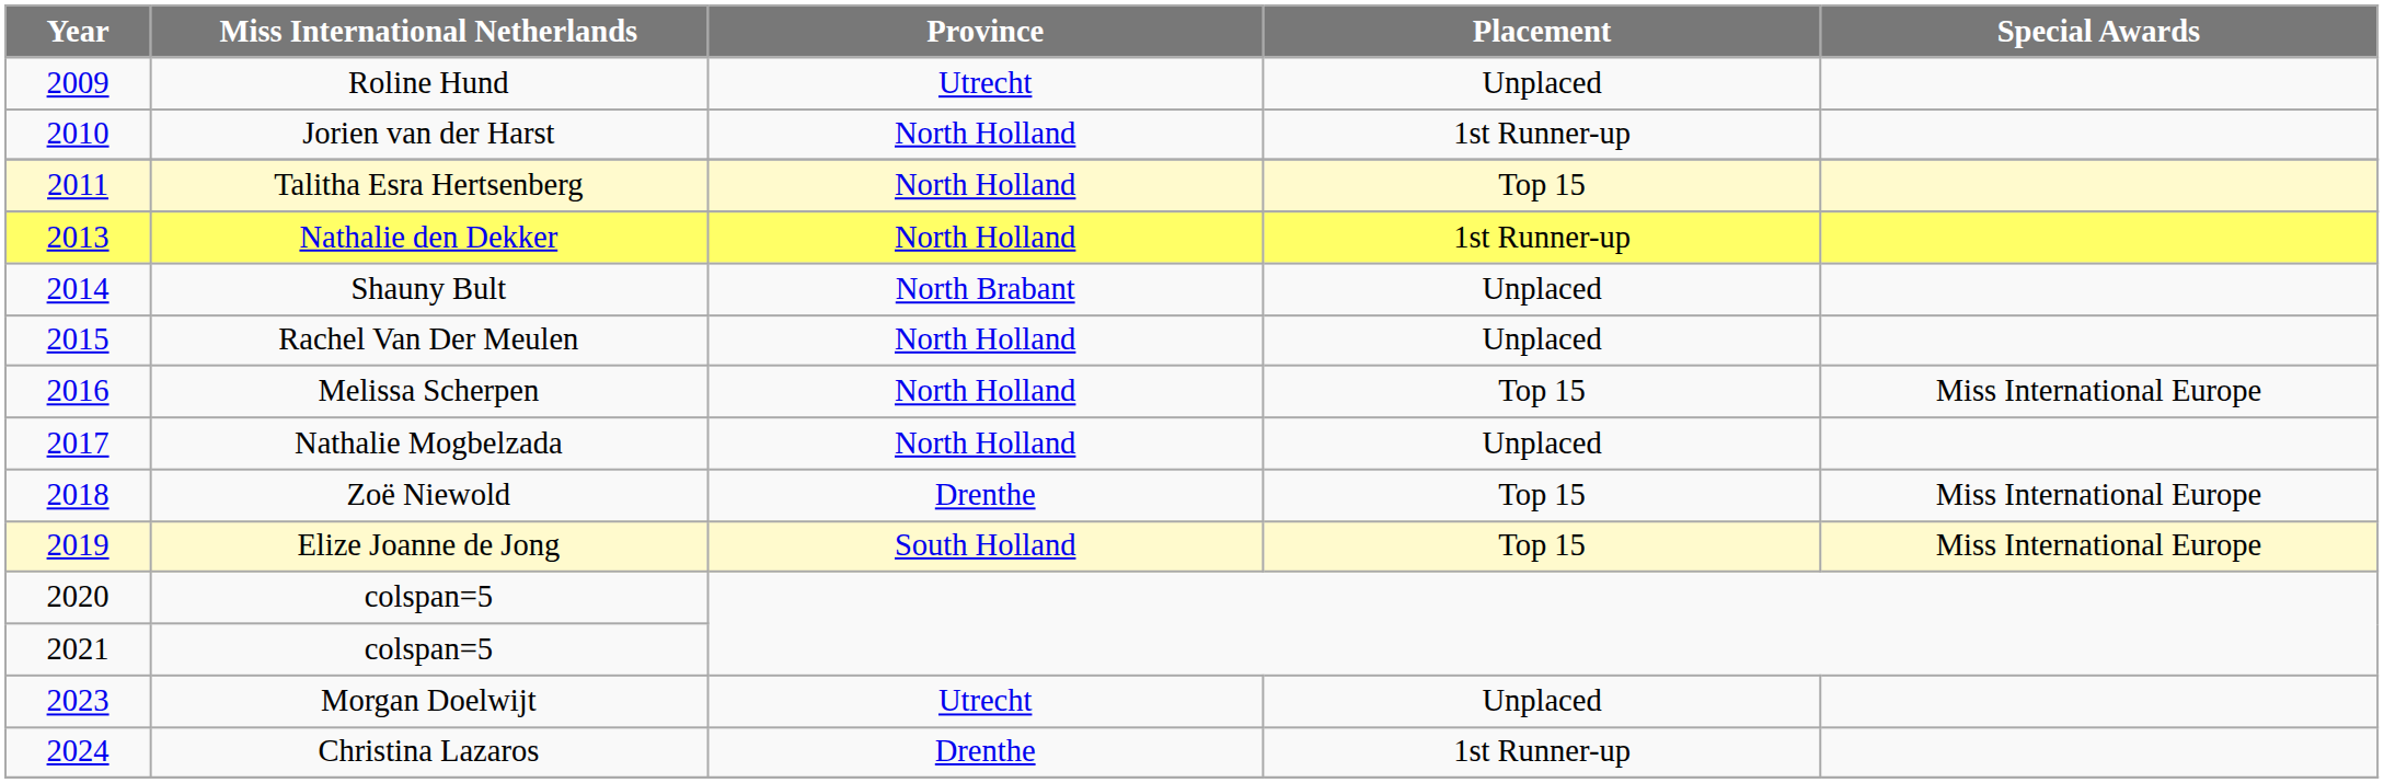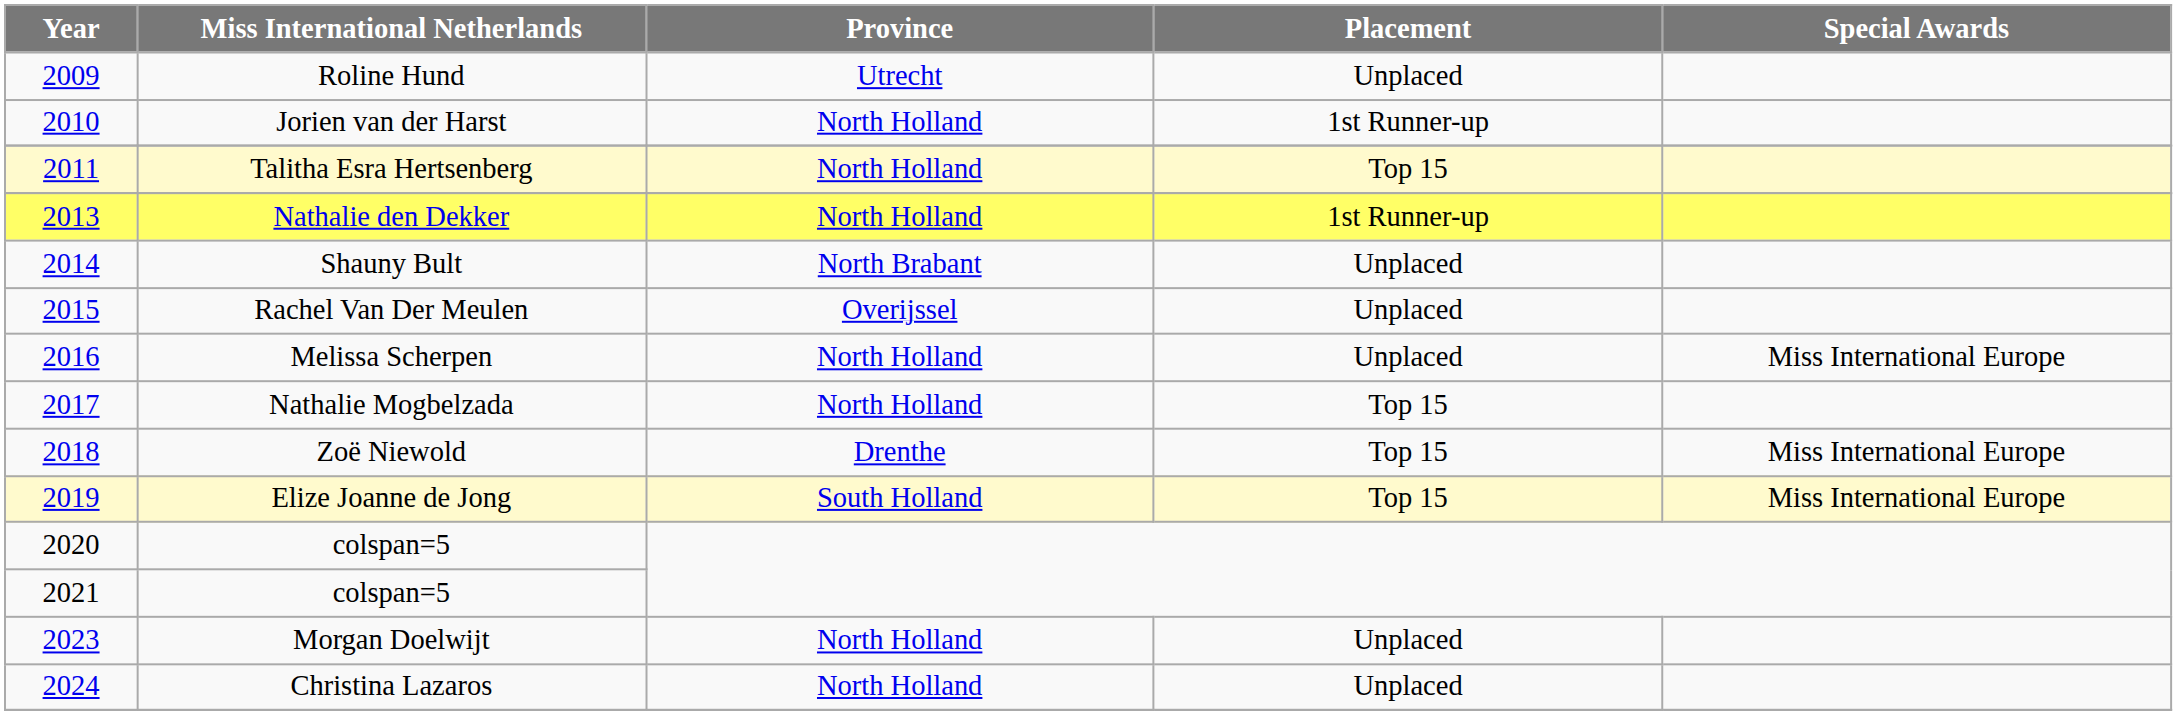 <table class="wikitable sortable" style="font-size: 90%; text-align:center">
 <tr>
 <th width="60" style="background-color:#787878;color:#FFFFFF;">Year</th>
 <th width="250" style="background-color:#787878;color:#FFFFFF;">Miss International Netherlands</th>
 <th width="250" style="background-color:#787878;color:#FFFFFF;">Province</th>
 <th width="250" style="background-color:#787878;color:#FFFFFF;">Placement</th>
 <th width="250" style="background-color:#787878;color:#FFFFFF;">Special Awards</th>
 </tr>
 <tr>
 <td><a href='#'>2009</a></td>
 <td>Roline Hund</td>
 <td><a href='#'>Utrecht</a></td>
 <td>Unplaced</td>
 <td></td>
 </tr>
 <tr>
 <td><a href='#'>2010</a></td>
 <td>Jorien van der Harst</td>
 <td><a href='#'>North Holland</a></td>
 <td>1st Runner-up</td>
 <td></td>
 </tr>
 <tr>
 </tr>
 <tr style="background-color:#FFFACD;">
 <td><a href='#'>2011</a></td>
 <td>Talitha Esra Hertsenberg</td>
 <td><a href='#'>North Holland</a></td>
 <td>Top 15</td>
 <td></td>
 </tr>
 <tr>
 </tr>
 <tr style="background-color:#FFFF66;">
 <td><a href='#'>2013</a></td>
 <td><a href='#'>Nathalie den Dekker</a></td>
 <td><a href='#'>North Holland</a></td>
 <td>1st Runner-up</td>
 <td></td>
 </tr>
 <tr>
 <td><a href='#'>2014</a></td>
 <td>Shauny Bult</td>
 <td><a href='#'>North Brabant</a></td>
 <td>Unplaced</td>
 <td></td>
 </tr>
 <tr>
 <td><a href='#'>2015</a></td>
 <td>Rachel Van Der Meulen</td>
-<td><a href='#'>North Holland</a></td>
+<td><a href='#'>Overijssel</a></td>
 <td>Unplaced</td>
 <td></td>
 </tr>
 <tr>
 <td><a href='#'>2016</a></td>
 <td>Melissa Scherpen</td>
 <td><a href='#'>North Holland</a></td>
-<td>Top 15</td>
+<td>Unplaced</td>
 <td>Miss International Europe</td>
 </tr>
 <tr>
 <td><a href='#'>2017</a></td>
 <td>Nathalie Mogbelzada</td>
 <td><a href='#'>North Holland</a></td>
-<td>Unplaced</td>
+<td>Top 15</td>
 <td></td>
 </tr>
 <tr>
 <td><a href='#'>2018</a></td>
 <td>Zoë Niewold</td>
 <td><a href='#'>Drenthe</a></td>
 <td>Top 15</td>
 <td>Miss International Europe</td>
 </tr>
 <tr style="background-color:#FFFACD;">
 <td><a href='#'>2019</a></td>
 <td>Elize Joanne de Jong</td>
 <td><a href='#'>South Holland</a></td>
 <td>Top 15</td>
 <td>Miss International Europe</td>
 </tr>
 <tr>
 <td>2020</td>
 <td>colspan=5 </td>
 </tr>
 <tr>
 <td>2021</td>
 <td>colspan=5 </td>
 </tr>
 <tr>
 <td><a href='#'>2023</a></td>
 <td>Morgan Doelwijt</td>
-<td><a href='#'>Utrecht</a></td>
+<td><a href='#'>North Holland</a></td>
 <td>Unplaced</td>
 <td></td>
 </tr>
 <tr>
 <td><a href='#'>2024</a></td>
 <td>Christina Lazaros</td>
-<td><a href='#'>Drenthe</a></td>
-<td>1st Runner-up</td>
+<td><a href='#'>North Holland</a></td>
+<td>Unplaced</td>
 <td></td>
 </tr>
 <tr>
 </tr>
 </table>
